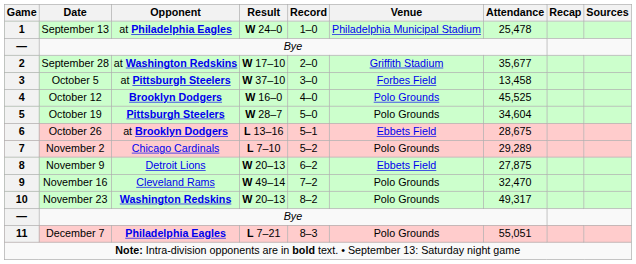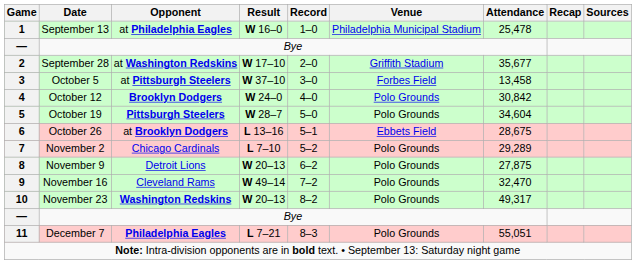 <table class="wikitable" style="text-align:center">
 <tr>
 <th>Game</th>
 <th>Date</th>
 <th>Opponent</th>
 <th>Result</th>
 <th>Record</th>
 <th>Venue</th>
 <th>Attendance</th>
 <th>Recap</th>
 <th>Sources</th>
 </tr>
 <tr style="background:#cfc">
 <th>1</th>
 <td>September 13</td>
 <td>at <strong><a href='#'>Philadelphia Eagles</a></strong></td>
-<td><strong>W</strong>  24–0</td>
+<td><strong>W</strong>  16–0</td>
 <td>1–0</td>
 <td><a href='#'>Philadelphia Municipal Stadium</a></td>
 <td>25,478</td>
 <td></td>
 <td></td>
 </tr>
 <tr>
 <th>—</th>
 <td colspan="6"><em>Bye</em></td>
 </tr>
 <tr style="background:#cfc">
 <th>2</th>
 <td>September 28</td>
 <td>at <strong><a href='#'>Washington Redskins</a></strong></td>
 <td><strong>W</strong>  17–10</td>
 <td>2–0</td>
 <td><a href='#'>Griffith Stadium</a></td>
 <td>35,677</td>
 <td></td>
 <td></td>
 </tr>
 <tr style="background:#cfc">
 <th>3</th>
 <td>October 5</td>
 <td>at <strong><a href='#'>Pittsburgh Steelers</a></strong></td>
 <td><strong>W</strong>  37–10</td>
 <td>3–0</td>
 <td><a href='#'>Forbes Field</a></td>
 <td>13,458</td>
 <td></td>
 <td></td>
 </tr>
 <tr style="background:#cfc">
 <th>4</th>
 <td>October 12</td>
 <td><strong><a href='#'>Brooklyn Dodgers</a></strong></td>
-<td><strong>W</strong>  16–0</td>
+<td><strong>W</strong>  24–0</td>
 <td>4–0</td>
 <td><a href='#'>Polo Grounds</a></td>
-<td>45,525</td>
+<td>30,842</td>
 <td></td>
 <td></td>
 </tr>
 <tr style="background:#cfc">
 <th>5</th>
 <td>October 19</td>
 <td><strong><a href='#'>Pittsburgh Steelers</a></strong></td>
 <td><strong>W</strong>  28–7</td>
 <td>5–0</td>
 <td>Polo Grounds</td>
 <td>34,604</td>
 <td></td>
 <td></td>
 </tr>
 <tr style="background:#fcc">
 <th>6</th>
 <td>October 26</td>
 <td>at <strong><a href='#'>Brooklyn Dodgers</a></strong></td>
 <td><strong>L</strong>  13–16</td>
 <td>5–1</td>
 <td><a href='#'>Ebbets Field</a></td>
 <td>28,675</td>
 <td></td>
 <td></td>
 </tr>
 <tr style="background:#fcc">
 <th>7</th>
 <td>November 2</td>
 <td><a href='#'>Chicago Cardinals</a></td>
 <td><strong>L</strong>  7–10</td>
 <td>5–2</td>
 <td>Polo Grounds</td>
 <td>29,289</td>
 <td></td>
 <td></td>
 </tr>
 <tr style="background:#cfc">
 <th>8</th>
 <td>November 9</td>
 <td><a href='#'>Detroit Lions</a></td>
 <td><strong>W</strong>  20–13</td>
 <td>6–2</td>
-<td><a href='#'>Ebbets Field</a></td>
+<td>Polo Grounds</td>
 <td>27,875</td>
 <td></td>
 <td></td>
 </tr>
 <tr style="background:#cfc">
 <th>9</th>
 <td>November 16</td>
 <td><a href='#'>Cleveland Rams</a></td>
 <td><strong>W</strong>  49–14</td>
 <td>7–2</td>
 <td>Polo Grounds</td>
 <td>32,470</td>
 <td></td>
 <td></td>
 </tr>
 <tr style="background:#cfc">
 <th>10</th>
 <td>November 23</td>
 <td><strong><a href='#'>Washington Redskins</a></strong></td>
 <td><strong>W</strong>  20–13</td>
 <td>8–2</td>
 <td>Polo Grounds</td>
 <td>49,317</td>
 <td></td>
 <td></td>
 </tr>
 <tr>
 <th>—</th>
 <td colspan="6"><em>Bye</em></td>
 </tr>
 <tr style="background:#fcc">
 <th>11</th>
 <td>December 7</td>
 <td><strong><a href='#'>Philadelphia Eagles</a></strong></td>
 <td><strong>L</strong> 7–21</td>
 <td>8–3</td>
 <td>Polo Grounds</td>
 <td>55,051</td>
 <td></td>
 <td></td>
 </tr>
 <tr>
 <td colspan="10"><strong>Note:</strong> Intra-division opponents are in <strong>bold</strong> text. • September 13: Saturday night game</td>
 </tr>
 </table>
